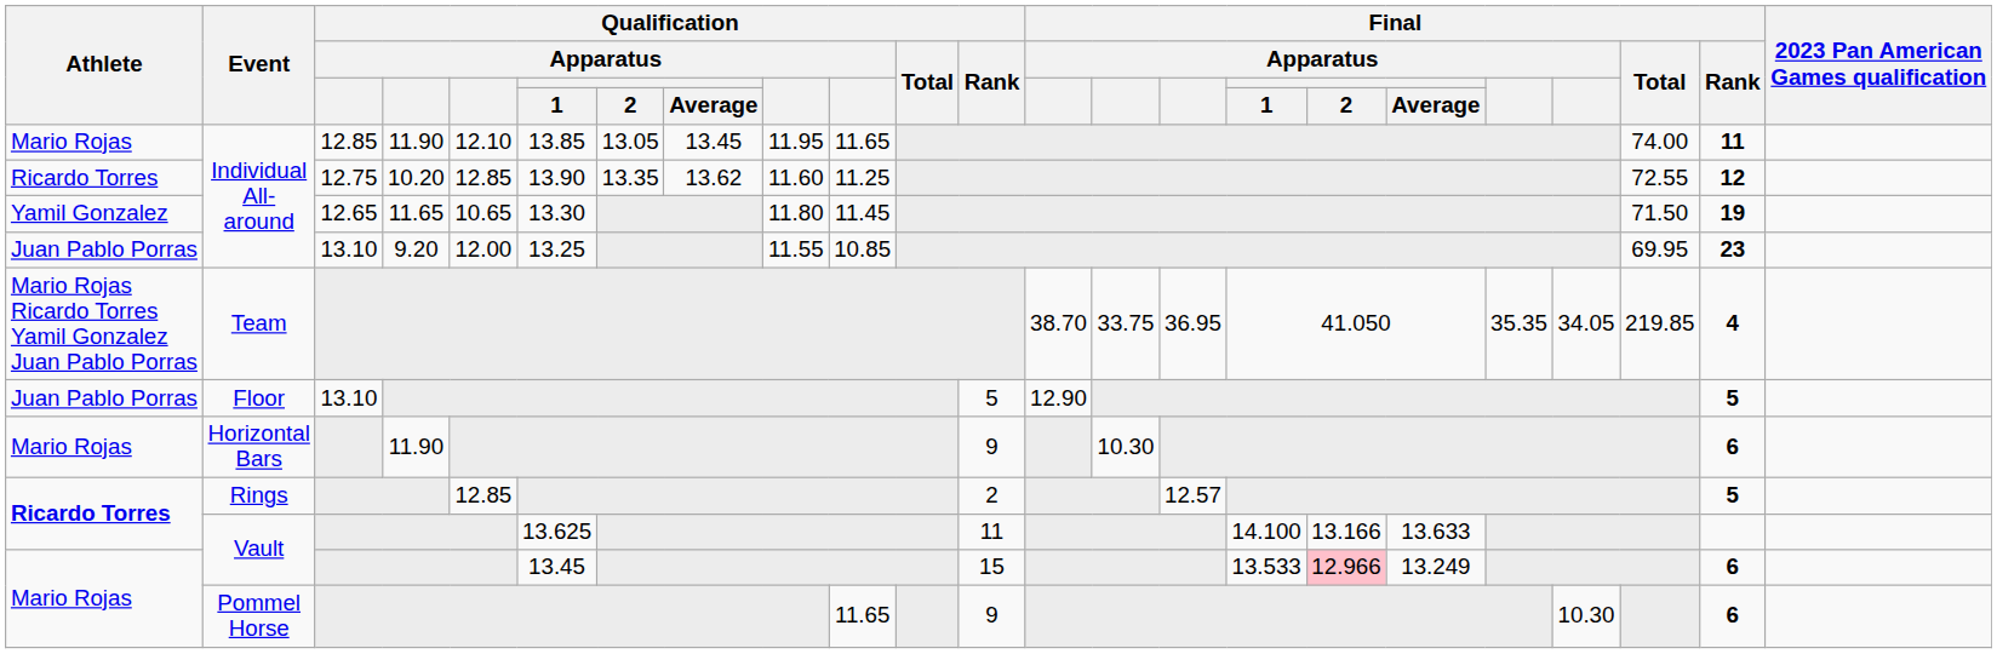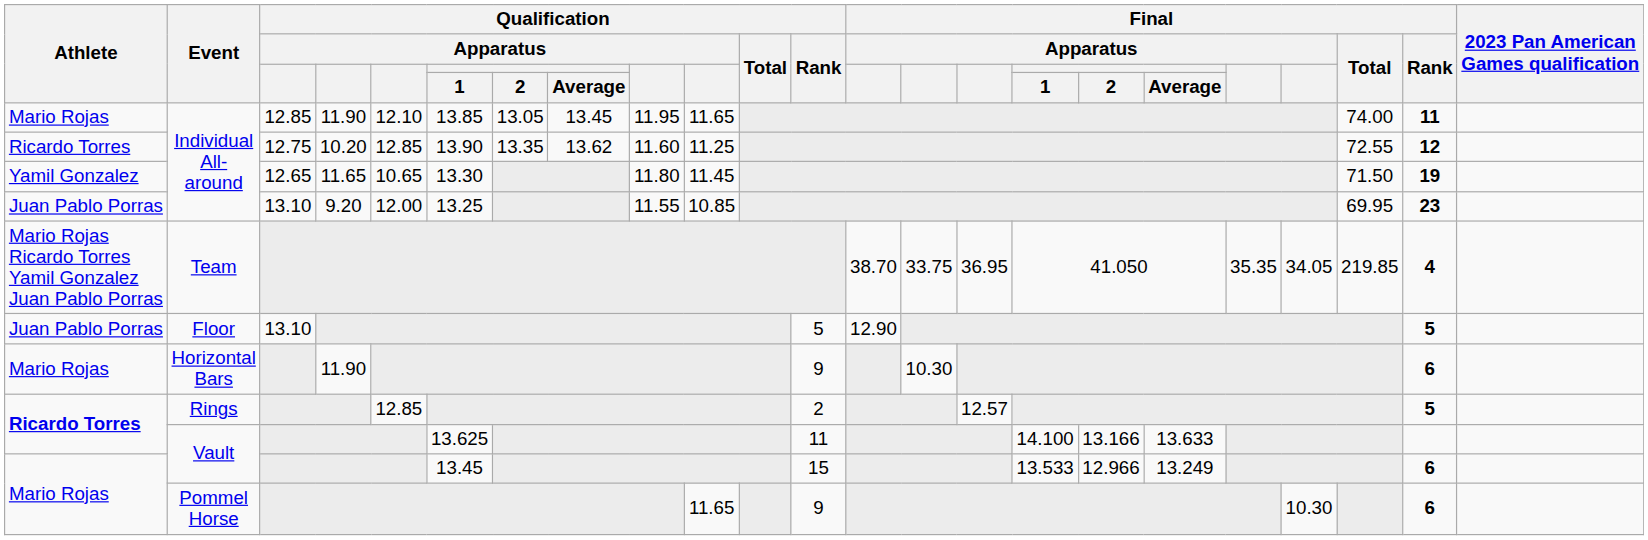 <table class="wikitable">
 <tr>
 <th rowspan="4">Athlete</th>
 <th rowspan="4">Event</th>
 <th colspan="10">Qualification</th>
 <th colspan="10">Final</th>
 <th style="white-space: nowrap;" rowspan="4"><a href='#'>2023 Pan American <br> Games qualification</a></th>
 </tr>
 <tr>
 <th colspan="8">Apparatus</th>
 <th rowspan="3">Total</th>
 <th rowspan="3">Rank</th>
 <th colspan="8">Apparatus</th>
 <th rowspan="3">Total</th>
 <th rowspan="3">Rank</th>
 </tr>
 <tr>
 <th rowspan="2"></th>
 <th rowspan="2"></th>
 <th rowspan="2"></th>
 <th colspan="3"></th>
 <th rowspan="2"></th>
 <th rowspan="2"></th>
 <th rowspan="2"></th>
 <th rowspan="2"></th>
 <th rowspan="2"></th>
 <th colspan="3"></th>
 <th rowspan="2"></th>
 <th rowspan="2"></th>
 </tr>
 <tr>
 <th>1</th>
 <th>2</th>
 <th>Average</th>
 <th>1</th>
 <th>2</th>
 <th>Average</th>
 </tr>
 <tr align="center">
 <td align="left"><a href='#'>Mario Rojas</a></td>
 <td rowspan="4"><a href='#'>Individual<br>All-around</a></td>
 <td>12.85</td>
 <td>11.90</td>
 <td>12.10</td>
 <td>13.85</td>
 <td>13.05</td>
 <td>13.45</td>
 <td>11.95</td>
 <td>11.65</td>
 <td colspan="10" style="background: #ECECEC; vertical-align: middle; text-align: center; " class="table-cast"></td>
 <td>74.00</td>
 <td><strong>11</strong></td>
 <td></td>
 </tr>
 <tr align="center">
 <td align="left"><a href='#'>Ricardo Torres</a></td>
 <td>12.75</td>
 <td>10.20</td>
 <td>12.85</td>
 <td>13.90</td>
 <td>13.35</td>
 <td>13.62</td>
 <td>11.60</td>
 <td>11.25</td>
 <td colspan="10" style="background: #ECECEC; vertical-align: middle; text-align: center; " class="table-cast"></td>
 <td>72.55</td>
 <td><strong>12</strong></td>
 <td></td>
 </tr>
 <tr align="center">
 <td align="left"><a href='#'>Yamil Gonzalez</a></td>
 <td>12.65</td>
 <td>11.65</td>
 <td>10.65</td>
 <td>13.30</td>
 <td colspan="2" style="background: #ECECEC; vertical-align: middle; text-align: center; " class="table-cast"></td>
 <td>11.80</td>
 <td>11.45</td>
 <td colspan="10" style="background: #ECECEC; vertical-align: middle; text-align: center; " class="table-cast"></td>
 <td>71.50</td>
 <td><strong>19</strong></td>
 <td></td>
 </tr>
 <tr align="center">
 <td align="left"><a href='#'>Juan Pablo Porras</a></td>
 <td>13.10</td>
 <td>9.20</td>
 <td>12.00</td>
 <td>13.25</td>
 <td colspan="2" style="background: #ECECEC; vertical-align: middle; text-align: center; " class="table-cast"></td>
 <td>11.55</td>
 <td>10.85</td>
 <td colspan="10" style="background: #ECECEC; vertical-align: middle; text-align: center; " class="table-cast"></td>
 <td>69.95</td>
 <td><strong>23</strong></td>
 <td></td>
 </tr>
 <tr align="center">
 <td style="white-space: nowrap;" align="left"><a href='#'>Mario Rojas</a><br><a href='#'>Ricardo Torres</a><br><a href='#'>Yamil Gonzalez</a><br><a href='#'>Juan Pablo Porras</a></td>
 <td><a href='#'>Team</a></td>
 <td colspan="10" style="background: #ECECEC; vertical-align: middle; text-align: center; " class="table-cast"></td>
 <td>38.70</td>
 <td>33.75</td>
 <td>36.95</td>
 <td colspan="3">41.050</td>
 <td>35.35</td>
 <td>34.05</td>
 <td>219.85</td>
 <td><strong>4</strong></td>
 <td></td>
 </tr>
 <tr align="center">
 <td align="left"><a href='#'>Juan Pablo Porras</a></td>
 <td><a href='#'>Floor</a></td>
 <td>13.10</td>
 <td colspan="8" style="background: #ECECEC; vertical-align: middle; text-align: center; " class="table-cast"></td>
 <td>5</td>
 <td>12.90</td>
 <td colspan="8" style="background: #ECECEC; vertical-align: middle; text-align: center; " class="table-cast"></td>
 <td><strong>5</strong></td>
 <td></td>
 </tr>
 <tr align="center">
 <td align="left"><a href='#'>Mario Rojas</a></td>
 <td><a href='#'>Horizontal Bars</a></td>
 <td style="background: #ECECEC; vertical-align: middle; text-align: center; " class="table-cast"></td>
 <td>11.90</td>
 <td colspan="7" style="background: #ECECEC; vertical-align: middle; text-align: center; " class="table-cast"></td>
 <td>9</td>
 <td style="background: #ECECEC; vertical-align: middle; text-align: center; " class="table-cast"></td>
 <td>10.30</td>
 <td colspan="7" style="background: #ECECEC; vertical-align: middle; text-align: center; " class="table-cast"></td>
 <td><strong>6</strong></td>
 <td></td>
 </tr>
 <tr align="center">
 <td rowspan="2" align="left"><a href='#'><strong>Ricardo Torres</strong></a></td>
 <td><a href='#'>Rings</a></td>
 <td colspan="2" style="background: #ECECEC; vertical-align: middle; text-align: center; " class="table-cast"></td>
 <td>12.85</td>
 <td colspan="6" style="background: #ECECEC; vertical-align: middle; text-align: center; " class="table-cast"></td>
 <td>2</td>
 <td colspan="2" style="background: #ECECEC; vertical-align: middle; text-align: center; " class="table-cast"></td>
 <td>12.57</td>
 <td colspan="6" style="background: #ECECEC; vertical-align: middle; text-align: center; " class="table-cast"></td>
 <td><strong>5</strong></td>
 <td></td>
 </tr>
 <tr align="center">
 <td rowspan="2"><a href='#'>Vault</a></td>
 <td colspan="3" style="background: #ECECEC; vertical-align: middle; text-align: center; " class="table-cast"></td>
 <td>13.625</td>
 <td colspan="5" style="background: #ECECEC; vertical-align: middle; text-align: center; " class="table-cast"></td>
 <td>11</td>
 <td colspan="3" style="background: #ECECEC; vertical-align: middle; text-align: center; " class="table-cast"></td>
 <td>14.100</td>
 <td>13.166</td>
 <td>13.633</td>
 <td colspan="3" style="background: #ECECEC; vertical-align: middle; text-align: center; " class="table-cast"></td>
 <td><strong></strong></td>
 <td></td>
 </tr>
 <tr align="center">
 <td rowspan="2" align="left"><a href='#'>Mario Rojas</a></td>
 <td colspan="3" style="background: #ECECEC; vertical-align: middle; text-align: center; " class="table-cast"></td>
 <td>13.45</td>
 <td colspan="5" style="background: #ECECEC; vertical-align: middle; text-align: center; " class="table-cast"></td>
 <td>15</td>
 <td colspan="3" style="background: #ECECEC; vertical-align: middle; text-align: center; " class="table-cast"></td>
 <td>13.533</td>
-<td style="background: pink;">12.966</td>
+<td>12.966</td>
 <td>13.249</td>
 <td colspan="3" style="background: #ECECEC; vertical-align: middle; text-align: center; " class="table-cast"></td>
 <td><strong>6</strong></td>
 <td></td>
 </tr>
 <tr align="center">
 <td><a href='#'>Pommel Horse</a></td>
 <td colspan="7" style="background: #ECECEC; vertical-align: middle; text-align: center; " class="table-cast"></td>
 <td>11.65</td>
 <td style="background: #ECECEC; vertical-align: middle; text-align: center; " class="table-cast"></td>
 <td>9</td>
 <td colspan="7" style="background: #ECECEC; vertical-align: middle; text-align: center; " class="table-cast"></td>
 <td>10.30</td>
 <td style="background: #ECECEC; vertical-align: middle; text-align: center; " class="table-cast"></td>
 <td><strong>6</strong></td>
 <td></td>
 </tr>
 </table>
